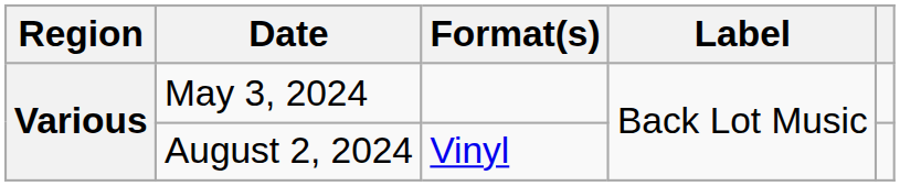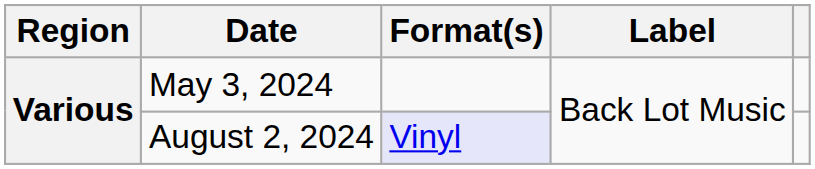 <table class="wikitable plainrowheaders">
 <tr>
 <th scope="col">Region</th>
 <th scope="col">Date</th>
 <th scope="col">Format(s)</th>
 <th scope="col">Label</th>
 <th scope="col"></th>
 </tr>
 <tr>
 <th scope="row" rowspan="2">Various</th>
 <td>May 3, 2024</td>
 <td></td>
 <td rowspan="2">Back Lot Music</td>
 <td align="center"></td>
 </tr>
 <tr>
 <td>August 2, 2024</td>
-<td><a href='#'>Vinyl</a></td>
+<td style="background: lavender;"><a href='#'>Vinyl</a></td>
 <td align="center"></td>
 </tr>
 </table>
